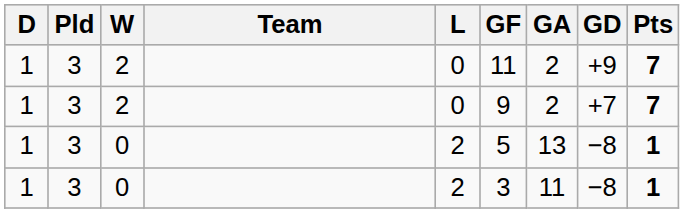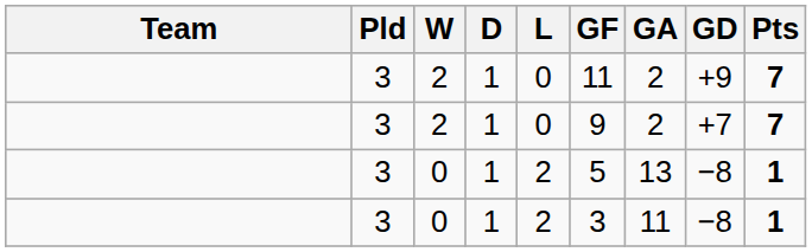 <table class="wikitable" style="text-align:center">
 <tr>
-<th width=20>D</th>
+<th width=175>Team</th>
 <th width=20>Pld</th>
 <th width=20>W</th>
-<th width=175>Team</th>
+<th width=20>D</th>
 <th width=20>L</th>
 <th width=20>GF</th>
 <th width=20>GA</th>
 <th width=20>GD</th>
 <th width=20>Pts</th>
 </tr>
 <tr>
-<td>1</td>
+<td align=left></td>
 <td>3</td>
 <td>2</td>
-<td align=left></td>
+<td>1</td>
 <td>0</td>
 <td>11</td>
 <td>2</td>
 <td>+9</td>
 <td><strong>7</strong></td>
 </tr>
 <tr>
-<td>1</td>
+<td align=left></td>
 <td>3</td>
 <td>2</td>
-<td align=left></td>
+<td>1</td>
 <td>0</td>
 <td>9</td>
 <td>2</td>
 <td>+7</td>
 <td><strong>7</strong></td>
 </tr>
 <tr>
-<td>1</td>
+<td align=left></td>
 <td>3</td>
 <td>0</td>
-<td align=left></td>
+<td>1</td>
 <td>2</td>
 <td>5</td>
 <td>13</td>
 <td>−8</td>
 <td><strong>1</strong></td>
 </tr>
 <tr>
-<td>1</td>
+<td align=left></td>
 <td>3</td>
 <td>0</td>
-<td align=left></td>
+<td>1</td>
 <td>2</td>
 <td>3</td>
 <td>11</td>
 <td>−8</td>
 <td><strong>1</strong></td>
 </tr>
 </table>
